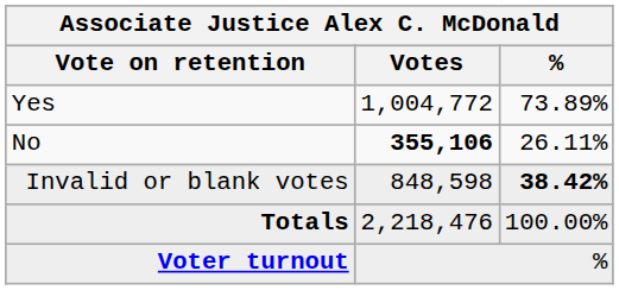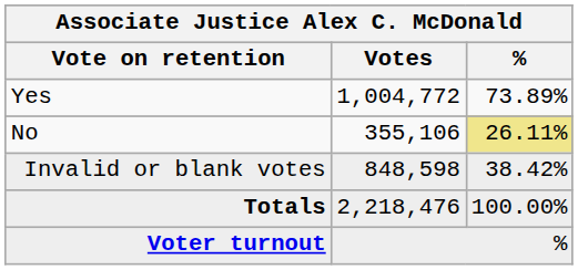 <table class="wikitable" style="font-size: 95%;">
 <tr style="background-color:#E9E9E9">
 <th colspan=7>Associate Justice Alex C. McDonald</th>
 </tr>
 <tr style="background-color:#E9E9E9">
 <th style="width: 170px">Vote on retention</th>
 <th style="width: 50px">Votes</th>
 <th style="width: 40px">%</th>
 </tr>
 <tr>
 <td>Yes</td>
 <td align="right">1,004,772</td>
 <td align="right">73.89%</td>
 </tr>
 <tr>
 <td>No</td>
-<td align="right"><strong>355,106</strong></td>
-<td align="right">26.11%</td>
+<td align="right">355,106</td>
+<td align="right" style="background: khaki;">26.11%</td>
 </tr>
 <tr style="background-color:#EEEEEE">
 <td align="right">Invalid or blank votes</td>
 <td align="right">848,598</td>
-<td align="right"><strong>38.42%</strong></td>
+<td align="right">38.42%</td>
 </tr>
 <tr style="background-color:#EEEEEE">
 <td colspan="1" align="right"><strong>Totals</strong></td>
 <td align="right">2,218,476</td>
 <td align="right">100.00%</td>
 </tr>
 <tr style="background-color:#EEEEEE">
 <td align="right"><strong><a href='#'>Voter turnout</a></strong></td>
 <td colspan="2" align="right">%</td>
 </tr>
 </table>
